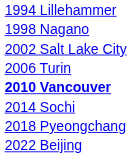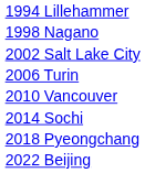 <table>
 <tr valign="top">
 <td><a href='#'>1994 Lillehammer</a><br></td>
 <td></td>
 <td></td>
 <td></td>
 </tr>
 <tr valign="top">
 <td><a href='#'>1998 Nagano</a><br></td>
 <td></td>
 <td></td>
 <td></td>
 </tr>
 <tr valign="top">
 <td><a href='#'>2002 Salt Lake City</a><br></td>
 <td></td>
 <td></td>
 <td></td>
 </tr>
 <tr valign="top">
 <td><a href='#'>2006 Turin</a><br></td>
 <td></td>
 <td></td>
 <td></td>
 </tr>
 <tr valign="top">
-<td><strong><a href='#'>2010 Vancouver</a><br></strong></td>
+<td><a href='#'>2010 Vancouver</a><br></td>
 <td></td>
 <td></td>
 <td></td>
 </tr>
 <tr valign="top">
 <td><a href='#'>2014 Sochi</a><br></td>
 <td></td>
 <td></td>
 <td></td>
 </tr>
 <tr valign="top">
 <td><a href='#'>2018 Pyeongchang</a><br></td>
 <td></td>
 <td></td>
 <td></td>
 </tr>
 <tr>
 <td><a href='#'>2022 Beijing</a> <br></td>
 <td></td>
 <td></td>
 <td></td>
 </tr>
 <tr>
 </tr>
 </table>
